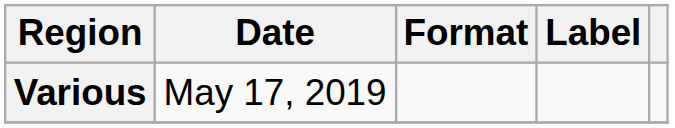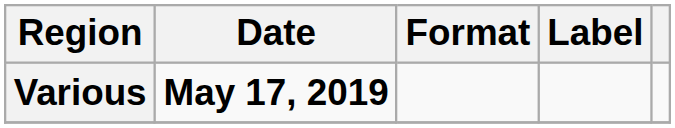 <table class="wikitable plainrowheaders">
 <tr>
 <th scope="col">Region</th>
 <th scope="col">Date</th>
 <th scope="col">Format</th>
 <th scope="col">Label</th>
 <th scope="col"></th>
 </tr>
 <tr>
 <th scope="row">Various</th>
-<td>May 17, 2019</td>
+<td><strong>May 17, 2019</strong></td>
 <td></td>
 <td></td>
 <td style="text-align:center;"></td>
 </tr>
 <tr>
 </tr>
 </table>
